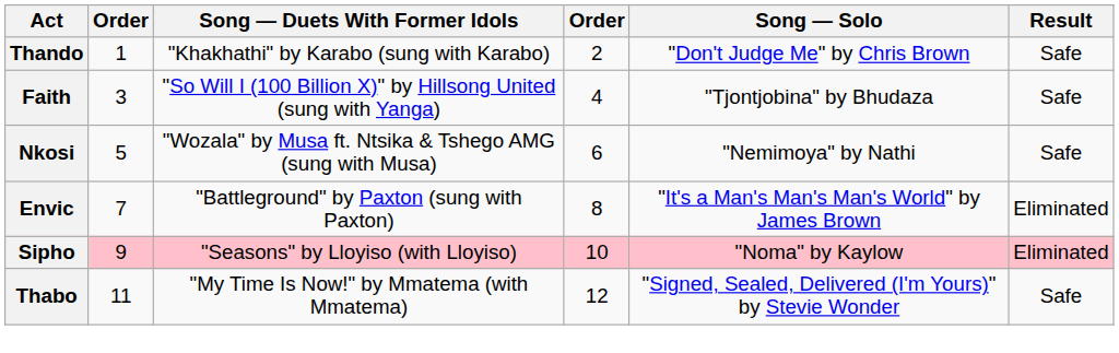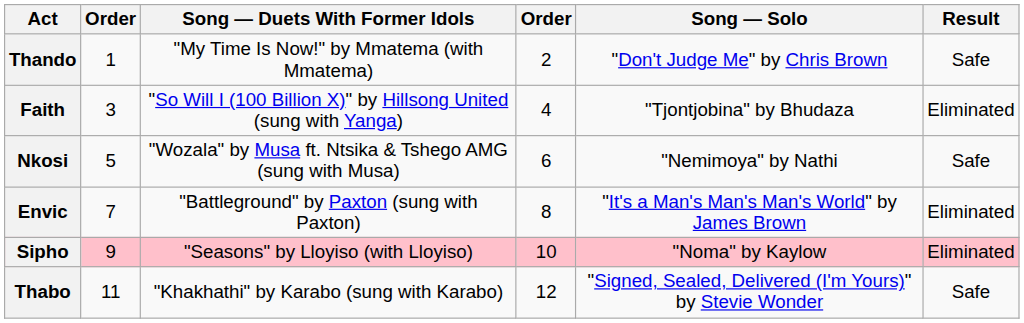 <table class="wikitable plainrowheaders" style="text-align:center;">
 <tr>
 <th scope"col">Act</th>
 <th scope"col">Order</th>
 <th scope"col">Song — Duets With Former Idols</th>
 <th scope"col">Order</th>
 <th scope"col">Song — Solo</th>
 <th scope"col">Result</th>
 </tr>
 <tr>
 <th scope=row>Thando</th>
 <td>1</td>
-<td>"Khakhathi" by Karabo (sung with Karabo)</td>
+<td>"My Time Is Now!" by Mmatema (with Mmatema)</td>
 <td>2</td>
 <td>"<a href='#'>Don't Judge Me</a>" by <a href='#'>Chris Brown</a></td>
 <td>Safe</td>
 </tr>
 <tr>
 <th scope=row>Faith</th>
 <td>3</td>
 <td>"<a href='#'>So Will I (100 Billion X)</a>" by <a href='#'>Hillsong United</a> (sung with <a href='#'>Yanga</a>)</td>
 <td>4</td>
 <td>"Tjontjobina" by Bhudaza</td>
-<td>Safe</td>
+<td>Eliminated</td>
 </tr>
 <tr>
 <th scope=row>Nkosi</th>
 <td>5</td>
 <td>"Wozala" by <a href='#'>Musa</a> ft. Ntsika & Tshego AMG (sung with Musa)</td>
 <td>6</td>
 <td>"Nemimoya" by Nathi</td>
 <td>Safe</td>
 </tr>
 <tr>
 <th scope=row>Envic</th>
 <td>7</td>
 <td>"Battleground" by <a href='#'>Paxton</a> (sung with Paxton)</td>
 <td>8</td>
 <td>"<a href='#'>It's a Man's Man's Man's World</a>" by <a href='#'>James Brown</a></td>
 <td>Eliminated</td>
 </tr>
 <tr style="background: pink">
 <th scope=row>Sipho</th>
 <td>9</td>
 <td>"Seasons" by Lloyiso (with Lloyiso)</td>
 <td>10</td>
 <td>"Noma" by Kaylow</td>
 <td>Eliminated</td>
 </tr>
 <tr>
 <th scope=row>Thabo</th>
 <td>11</td>
-<td>"My Time Is Now!" by Mmatema (with Mmatema)</td>
+<td>"Khakhathi" by Karabo (sung with Karabo)</td>
 <td>12</td>
 <td>"<a href='#'>Signed, Sealed, Delivered (I'm Yours)</a>" by <a href='#'>Stevie Wonder</a></td>
 <td>Safe</td>
 </tr>
 </table>
